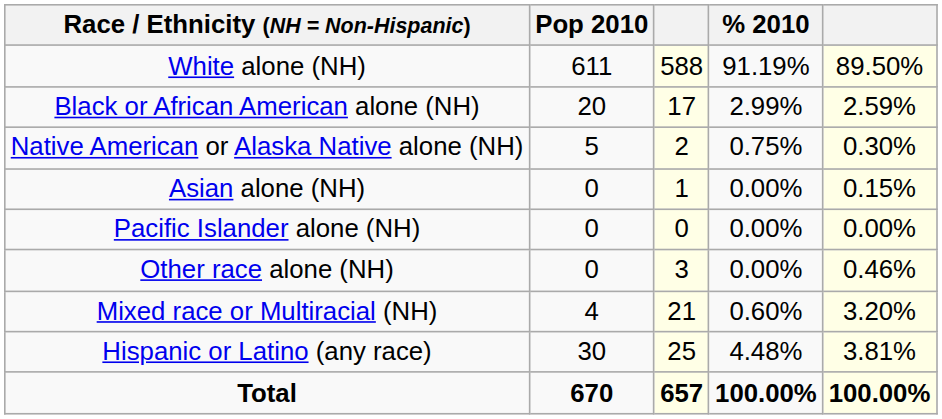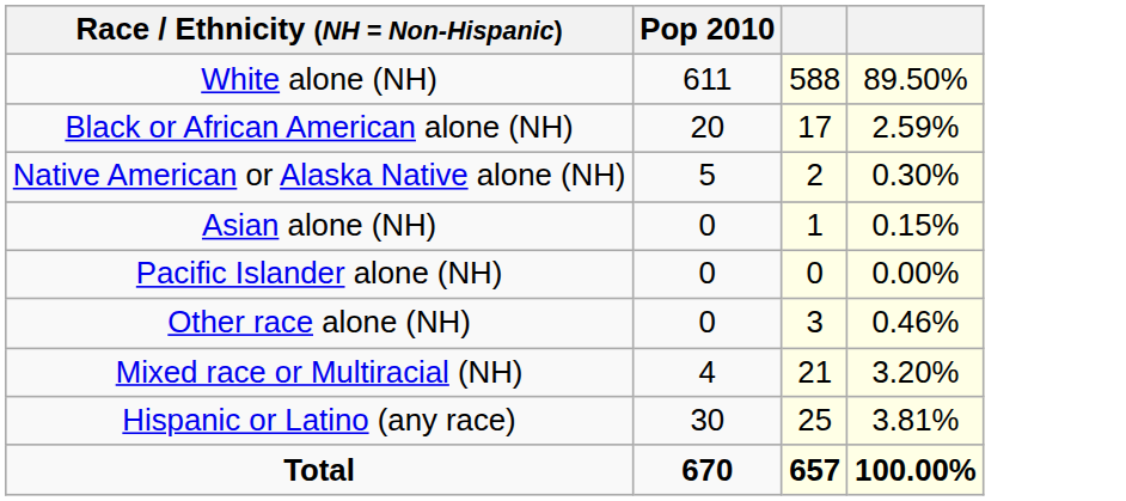 <table class="wikitable" style="text-align:center;">
 <tr>
 <th>Race / Ethnicity <small>(<em>NH = Non-Hispanic</em>)</small></th>
 <th>Pop 2010</th>
 <th></th>
-<th>% 2010</th>
 <th></th>
 </tr>
 <tr>
 <td><a href='#'>White</a> alone (NH)</td>
 <td>611</td>
 <td style='background: #ffffe6;'>588</td>
-<td>91.19%</td>
 <td style='background: #ffffe6;'>89.50%</td>
 </tr>
 <tr>
 <td><a href='#'>Black or African American</a> alone (NH)</td>
 <td>20</td>
 <td style='background: #ffffe6;'>17</td>
-<td>2.99%</td>
 <td style='background: #ffffe6;'>2.59%</td>
 </tr>
 <tr>
 <td><a href='#'>Native American</a> or <a href='#'>Alaska Native</a> alone (NH)</td>
 <td>5</td>
 <td style='background: #ffffe6;'>2</td>
-<td>0.75%</td>
 <td style='background: #ffffe6;'>0.30%</td>
 </tr>
 <tr>
 <td><a href='#'>Asian</a> alone (NH)</td>
 <td>0</td>
 <td style='background: #ffffe6;'>1</td>
-<td>0.00%</td>
 <td style='background: #ffffe6;'>0.15%</td>
 </tr>
 <tr>
 <td><a href='#'>Pacific Islander</a> alone (NH)</td>
 <td>0</td>
 <td style='background: #ffffe6;'>0</td>
-<td>0.00%</td>
 <td style='background: #ffffe6;'>0.00%</td>
 </tr>
 <tr>
 <td><a href='#'>Other race</a> alone (NH)</td>
 <td>0</td>
 <td style='background: #ffffe6;'>3</td>
-<td>0.00%</td>
 <td style='background: #ffffe6;'>0.46%</td>
 </tr>
 <tr>
 <td><a href='#'>Mixed race or Multiracial</a> (NH)</td>
 <td>4</td>
 <td style='background: #ffffe6;'>21</td>
-<td>0.60%</td>
 <td style='background: #ffffe6;'>3.20%</td>
 </tr>
 <tr>
 <td><a href='#'>Hispanic or Latino</a> (any race)</td>
 <td>30</td>
 <td style='background: #ffffe6;'>25</td>
-<td>4.48%</td>
 <td style='background: #ffffe6;'>3.81%</td>
 </tr>
 <tr>
 <td><strong>Total</strong></td>
 <td><strong>670</strong></td>
 <td style='background: #ffffe6;'><strong>657</strong></td>
-<td><strong>100.00%</strong></td>
 <td style='background: #ffffe6;'><strong>100.00%</strong></td>
 </tr>
 </table>
